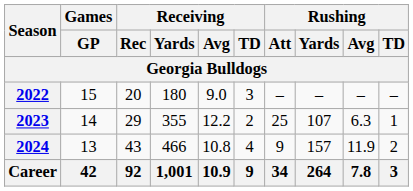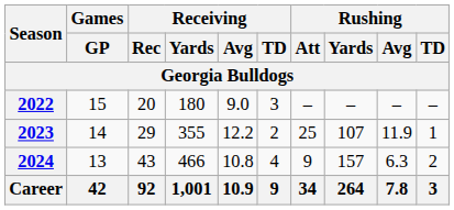 <table class="wikitable" style="text-align:center;">
 <tr>
 <th rowspan="2">Season</th>
 <th>Games</th>
 <th colspan="4">Receiving</th>
 <th colspan="4">Rushing</th>
 </tr>
 <tr>
 <th>GP</th>
 <th>Rec</th>
 <th>Yards</th>
 <th>Avg</th>
 <th>TD</th>
 <th>Att</th>
 <th>Yards</th>
 <th>Avg</th>
 <th>TD</th>
 </tr>
 <tr>
 <th colspan="11">Georgia Bulldogs</th>
 </tr>
 <tr>
 <th><a href='#'>2022</a></th>
 <td>15</td>
 <td>20</td>
 <td>180</td>
 <td>9.0</td>
 <td>3</td>
 <td>–</td>
 <td>–</td>
 <td>–</td>
 <td>–</td>
 </tr>
 <tr>
 <th><a href='#'>2023</a></th>
 <td>14</td>
 <td>29</td>
 <td>355</td>
 <td>12.2</td>
 <td>2</td>
 <td>25</td>
 <td>107</td>
-<td>6.3</td>
+<td>11.9</td>
 <td>1</td>
 </tr>
 <tr>
 <th><a href='#'>2024</a></th>
 <td>13</td>
 <td>43</td>
 <td>466</td>
 <td>10.8</td>
 <td>4</td>
 <td>9</td>
 <td>157</td>
-<td>11.9</td>
+<td>6.3</td>
 <td>2</td>
 </tr>
 <tr>
 <th>Career</th>
 <th>42</th>
 <th>92</th>
 <th>1,001</th>
 <th>10.9</th>
 <th>9</th>
 <th>34</th>
 <th>264</th>
 <th>7.8</th>
 <th>3</th>
 </tr>
 </table>
